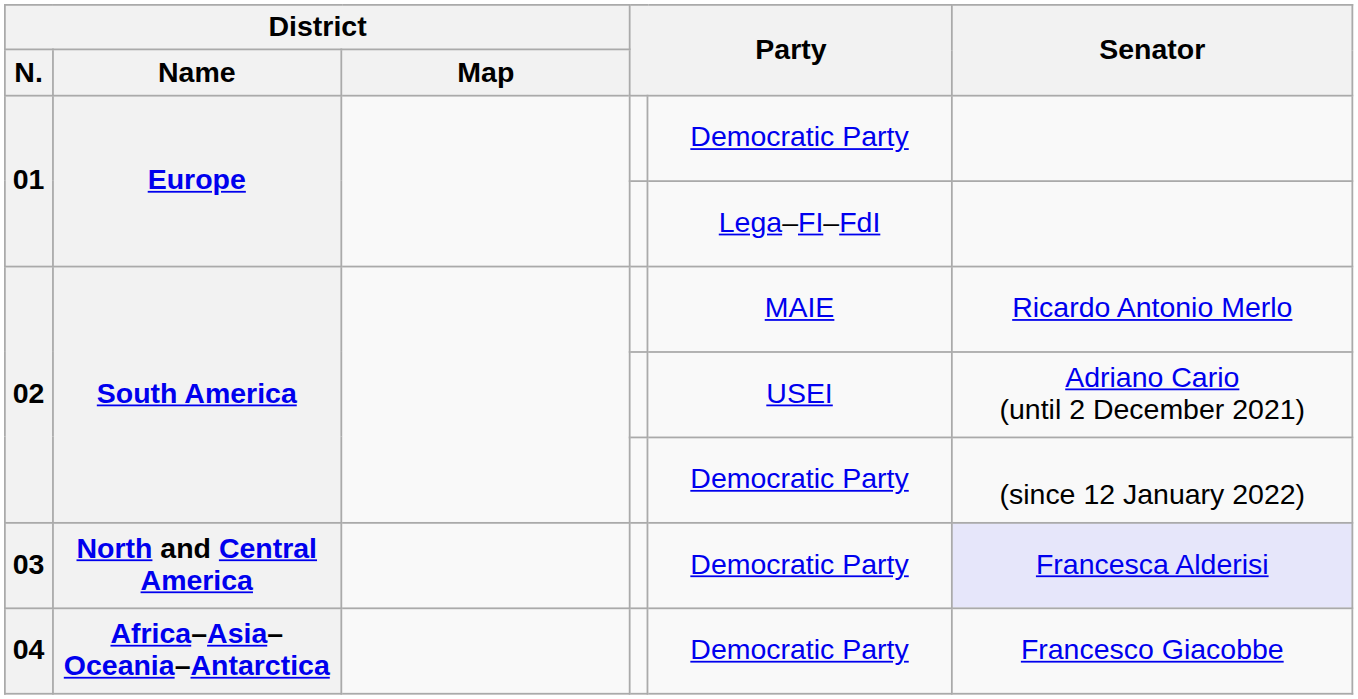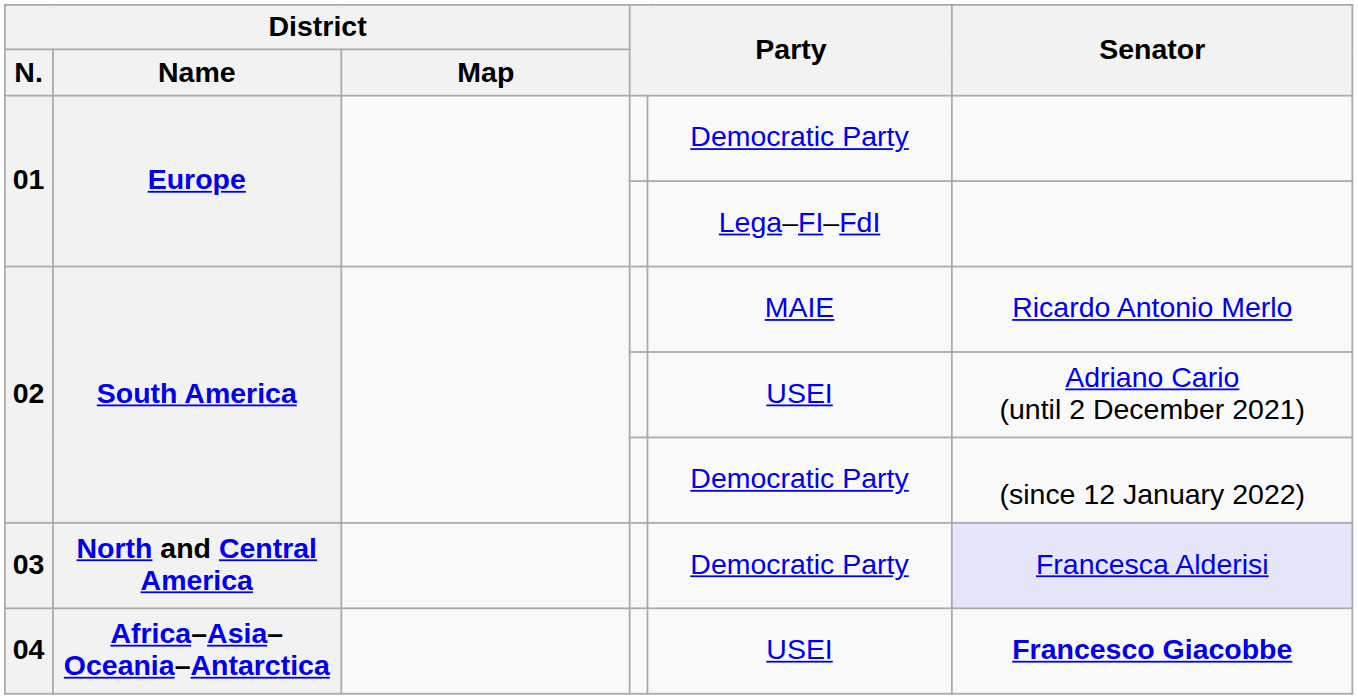 <table class="wikitable" style="text-align:center; style="width=60%">
 <tr>
 <th width=35% colspan="3">District</th>
 <th width=20% colspan="2" rowspan="2">Party</th>
 <th width=25% rowspan="2">Senator</th>
 </tr>
 <tr>
 <th width=1%>N.</th>
 <th width=18%>Name</th>
 <th width=18%>Map</th>
 </tr>
 <tr style="height:3em;">
 <th rowspan="2">01</th>
 <th rowspan="2"><a href='#'>Europe</a></th>
 <td rowspan="2"></td>
 <td style="background:"></td>
 <td><a href='#'>Democratic Party</a></td>
 <td></td>
 </tr>
 <tr style="height:3em;">
 <td style="background:"></td>
 <td><a href='#'>Lega</a>–<a href='#'>FI</a>–<a href='#'>FdI</a></td>
 <td></td>
 </tr>
 <tr style="height:3em;">
 <th rowspan="3">02</th>
 <th rowspan="3"><a href='#'>South America</a></th>
 <td rowspan="3"></td>
 <td style="background:"></td>
 <td><a href='#'>MAIE</a></td>
 <td><a href='#'>Ricardo Antonio Merlo</a></td>
 </tr>
 <tr style="height:3em;">
 <td style="background:"></td>
 <td><a href='#'>USEI</a></td>
 <td><a href='#'>Adriano Cario</a><br>(until 2 December 2021)</td>
 </tr>
 <tr style="height:3em;">
 <td style="background:"></td>
 <td><a href='#'>Democratic Party</a></td>
 <td><br>(since 12 January 2022)</td>
 </tr>
 <tr style="height:3em;">
 <th rowspan="1">03</th>
 <th rowspan="1"><a href='#'>North</a> and <a href='#'>Central America</a></th>
 <td rowspan="1"></td>
 <td style="background:"></td>
 <td><a href='#'>Democratic Party</a></td>
 <td style="background: lavender;"><a href='#'>Francesca Alderisi</a></td>
 </tr>
 <tr style="height:3em;">
 <th>04</th>
 <th><a href='#'>Africa</a>–<a href='#'>Asia</a>–<a href='#'>Oceania</a>–<a href='#'>Antarctica</a></th>
 <td></td>
 <td style="background:"></td>
-<td><a href='#'>Democratic Party</a></td>
-<td><a href='#'>Francesco Giacobbe</a></td>
+<td><a href='#'>USEI</a></td>
+<td><strong><a href='#'>Francesco Giacobbe</a></strong></td>
 </tr>
 </table>
